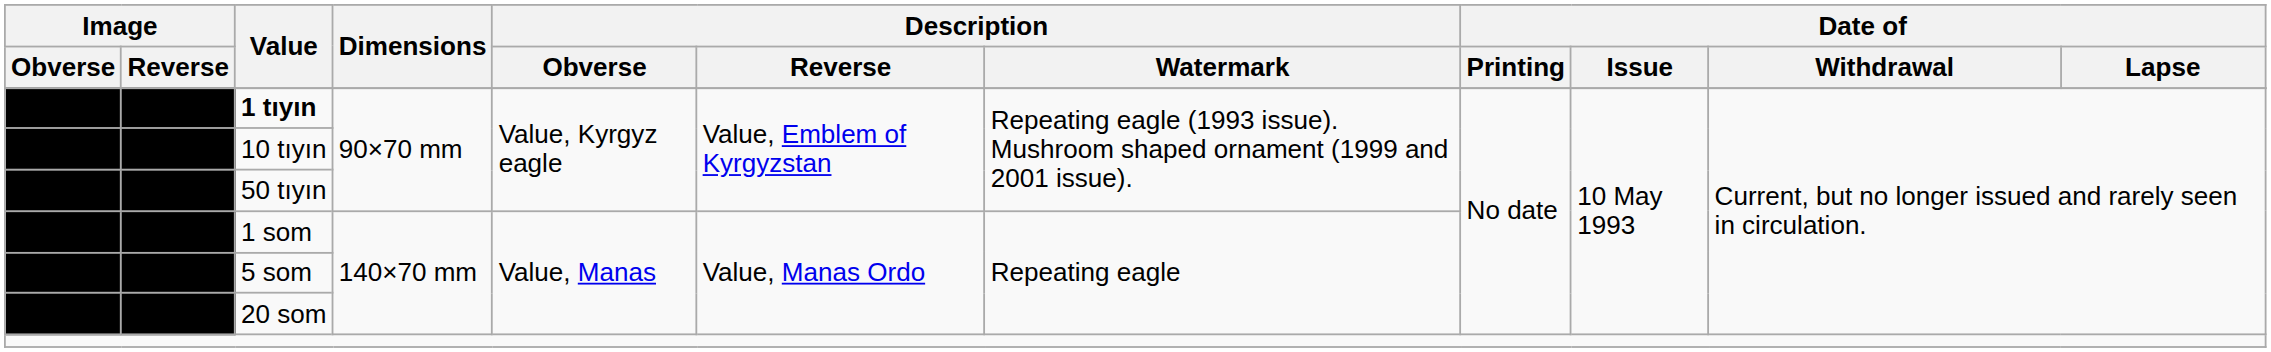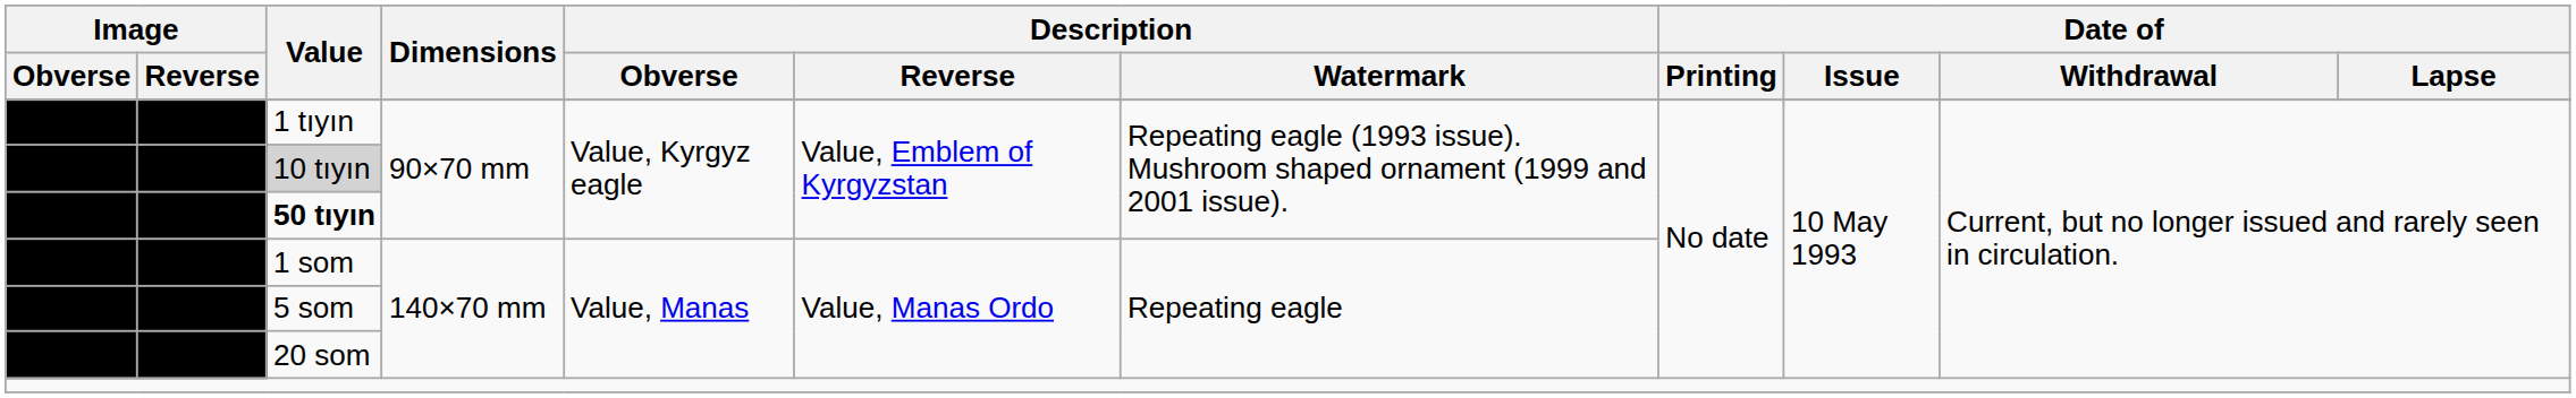 <table class="wikitable" style="font-size: 90%">
 <tr>
 <th colspan="2">Image</th>
 <th rowspan="2">Value</th>
 <th rowspan="2">Dimensions</th>
 <th colspan="3">Description</th>
 <th colspan="4">Date of</th>
 </tr>
 <tr>
 <th>Obverse</th>
 <th>Reverse</th>
 <th>Obverse</th>
 <th>Reverse</th>
 <th>Watermark</th>
 <th>Printing</th>
 <th>Issue</th>
 <th>Withdrawal</th>
 <th>Lapse</th>
 </tr>
 <tr>
 </tr>
 <tr>
 <td align="center" bgcolor="#000000"></td>
 <td align="center" bgcolor="#000000"></td>
-<td><strong>1 tıyın</strong></td>
+<td>1 tıyın</td>
 <td rowspan="3">90×70 mm</td>
 <td rowspan="3">Value, Kyrgyz eagle</td>
 <td rowspan="3">Value, <a href='#'>Emblem of Kyrgyzstan</a></td>
 <td rowspan="3">Repeating eagle (1993 issue).<br>Mushroom shaped ornament (1999 and 2001 issue).</td>
 <td rowspan="6">No date</td>
 <td rowspan="6">10 May 1993</td>
 <td rowspan="6" colspan="2">Current, but no longer issued and rarely seen in circulation.</td>
 </tr>
 <tr>
 <td align="center" bgcolor="#000000"></td>
 <td align="center" bgcolor="#000000"></td>
-<td>10 tıyın</td>
+<td style="background: lightgrey;">10 tıyın</td>
 </tr>
 <tr>
 <td align="center" bgcolor="#000000"></td>
 <td align="center" bgcolor="#000000"></td>
-<td>50 tıyın</td>
+<td><strong>50 tıyın</strong></td>
 </tr>
 <tr>
 <td align="center" bgcolor="#000000"></td>
 <td align="center" bgcolor="#000000"></td>
 <td>1 som</td>
 <td rowspan="3">140×70 mm</td>
 <td rowspan="3">Value, <a href='#'>Manas</a></td>
 <td rowspan="3">Value, <a href='#'>Manas Ordo</a></td>
 <td rowspan="3">Repeating eagle</td>
 </tr>
 <tr>
 <td align="center" bgcolor="#000000"></td>
 <td align="center" bgcolor="#000000"></td>
 <td>5 som</td>
 </tr>
 <tr>
 <td align="center" bgcolor="#000000"></td>
 <td align="center" bgcolor="#000000"></td>
 <td>20 som</td>
 </tr>
 <tr>
 <td colspan="11"></td>
 </tr>
 </table>
